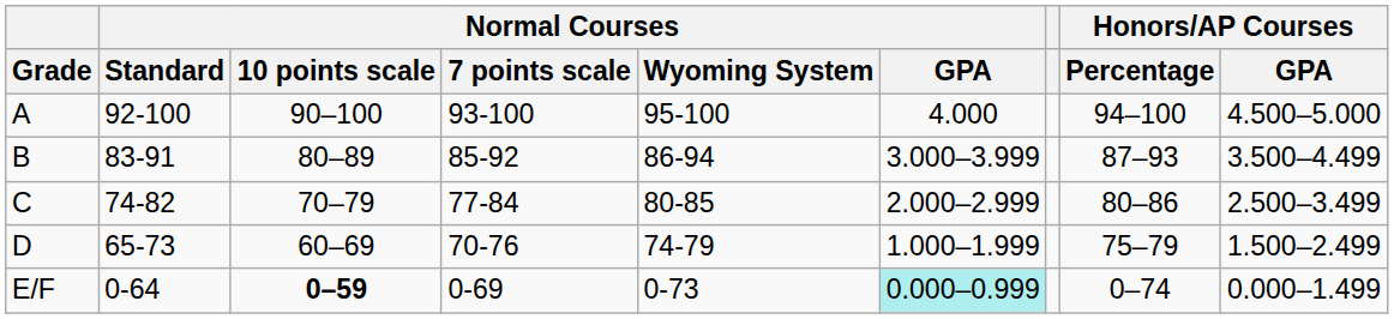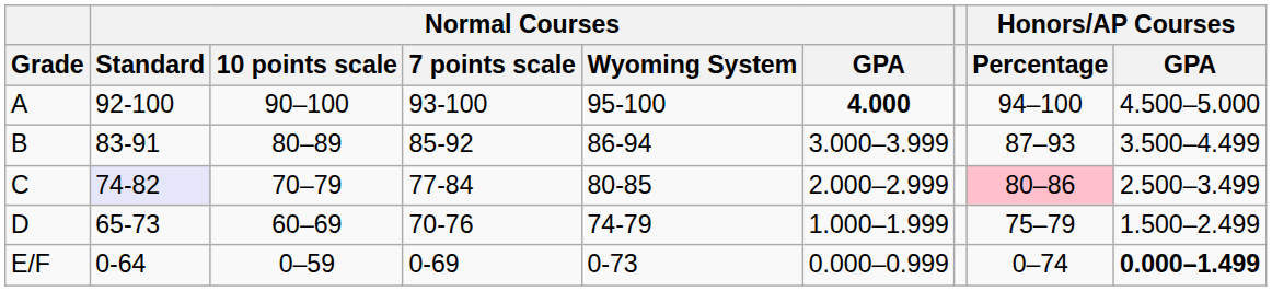 <table class="wikitable">
 <tr>
 <th></th>
 <th colspan="5">Normal Courses</th>
 <th></th>
 <th colspan="2">Honors/AP Courses</th>
 </tr>
 <tr>
 <th>Grade</th>
 <th>Standard</th>
 <th>10 points scale</th>
 <th>7 points scale</th>
 <th>Wyoming System</th>
 <th>GPA</th>
 <th></th>
 <th>Percentage</th>
 <th>GPA</th>
 </tr>
 <tr>
 <td>A</td>
 <td>92-100</td>
 <td style="text-align:center;">90–100</td>
 <td>93-100</td>
 <td>95-100</td>
-<td style="text-align:center;">4.000</td>
+<td style="text-align:center;"><strong>4.000</strong></td>
 <td></td>
 <td style="text-align:center;">94–100</td>
 <td style="text-align:center;">4.500–5.000</td>
 </tr>
 <tr>
 <td>B</td>
 <td>83-91</td>
 <td style="text-align:center;">80–89</td>
 <td>85-92</td>
 <td>86-94</td>
 <td style="text-align:center;">3.000–3.999</td>
 <td></td>
 <td style="text-align:center;">87–93</td>
 <td style="text-align:center;">3.500–4.499</td>
 </tr>
 <tr>
 <td>C</td>
-<td>74-82</td>
+<td style="background: lavender;">74-82</td>
 <td style="text-align:center;">70–79</td>
 <td>77-84</td>
 <td>80-85</td>
 <td style="text-align:center;">2.000–2.999</td>
 <td></td>
-<td style="text-align:center;">80–86</td>
+<td style="background: pink; text-align:center;">80–86</td>
 <td style="text-align:center;">2.500–3.499</td>
 </tr>
 <tr>
 <td>D</td>
 <td>65-73</td>
 <td style="text-align:center;">60–69</td>
 <td>70-76</td>
 <td>74-79</td>
 <td style="text-align:center;">1.000–1.999</td>
 <td></td>
 <td style="text-align:center;">75–79</td>
 <td style="text-align:center;">1.500–2.499</td>
 </tr>
 <tr>
 <td>E/F</td>
 <td>0-64</td>
-<td style="text-align:center;"><strong>0–59</strong></td>
+<td style="text-align:center;">0–59</td>
 <td>0-69</td>
 <td>0-73</td>
-<td style="background: paleturquoise; text-align:center;">0.000–0.999</td>
+<td style="text-align:center;">0.000–0.999</td>
 <td></td>
 <td style="text-align:center;">0–74</td>
-<td style="text-align:center;">0.000–1.499</td>
+<td style="text-align:center;"><strong>0.000–1.499</strong></td>
 </tr>
 </table>
